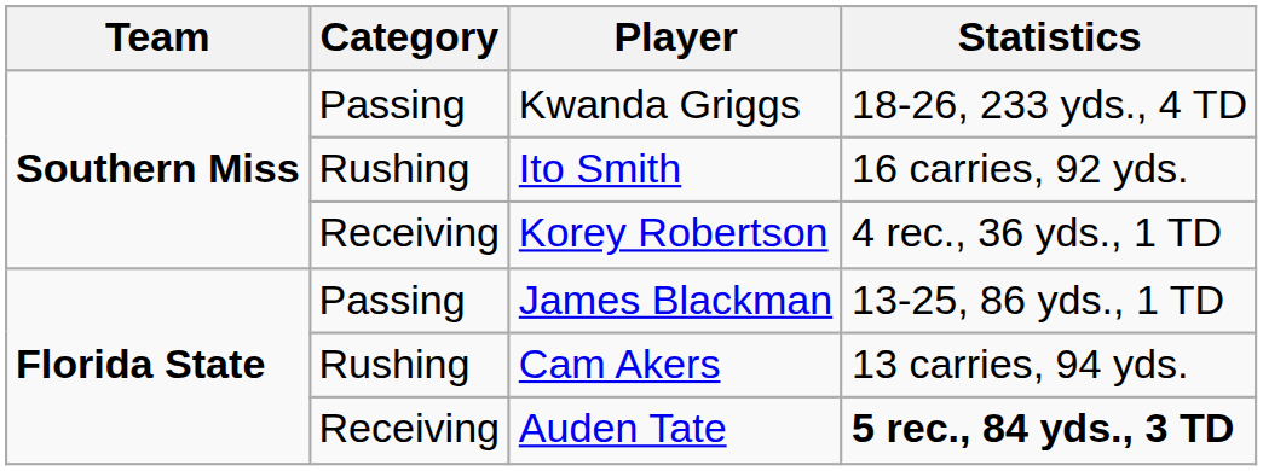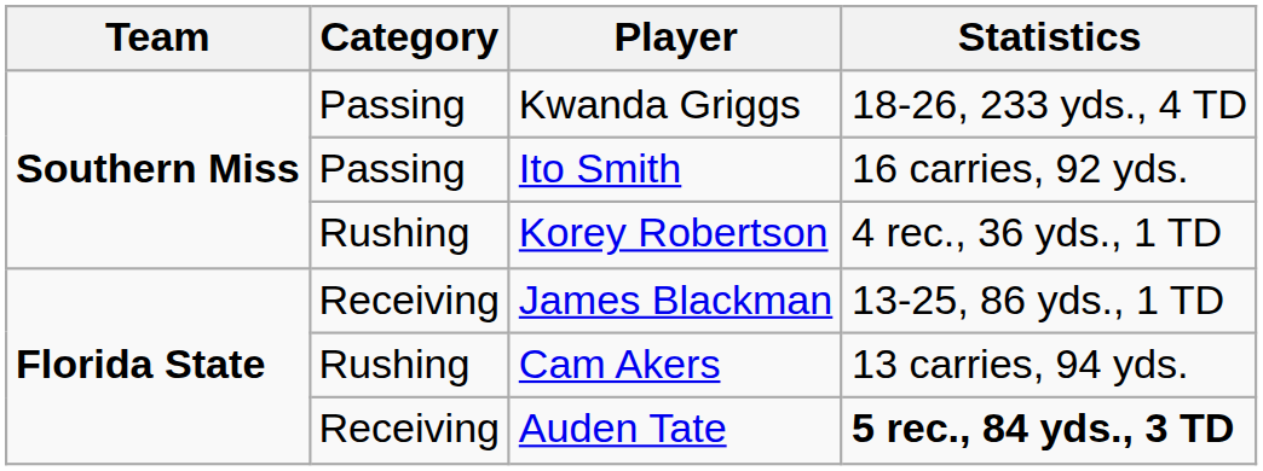 <table class="wikitable">
 <tr>
 <th>Team</th>
 <th>Category</th>
 <th>Player</th>
 <th>Statistics</th>
 </tr>
 <tr>
 <td rowspan=3><strong>Southern Miss</strong></td>
 <td>Passing</td>
 <td>Kwanda Griggs</td>
 <td>18-26, 233 yds., 4 TD</td>
 </tr>
 <tr>
-<td>Rushing</td>
+<td>Passing</td>
 <td><a href='#'>Ito Smith</a></td>
 <td>16 carries, 92 yds.</td>
 </tr>
 <tr>
-<td>Receiving</td>
+<td>Rushing</td>
 <td><a href='#'>Korey Robertson</a></td>
 <td>4 rec., 36 yds., 1 TD</td>
 </tr>
 <tr>
 <td rowspan=3><strong>Florida State</strong></td>
-<td>Passing</td>
+<td>Receiving</td>
 <td><a href='#'>James Blackman</a></td>
 <td>13-25, 86 yds., 1 TD</td>
 </tr>
 <tr>
 <td>Rushing</td>
 <td><a href='#'>Cam Akers</a></td>
 <td>13 carries, 94 yds.</td>
 </tr>
 <tr>
 <td>Receiving</td>
 <td><a href='#'>Auden Tate</a></td>
 <td><strong>5 rec., 84 yds., 3 TD</strong></td>
 </tr>
 </table>
